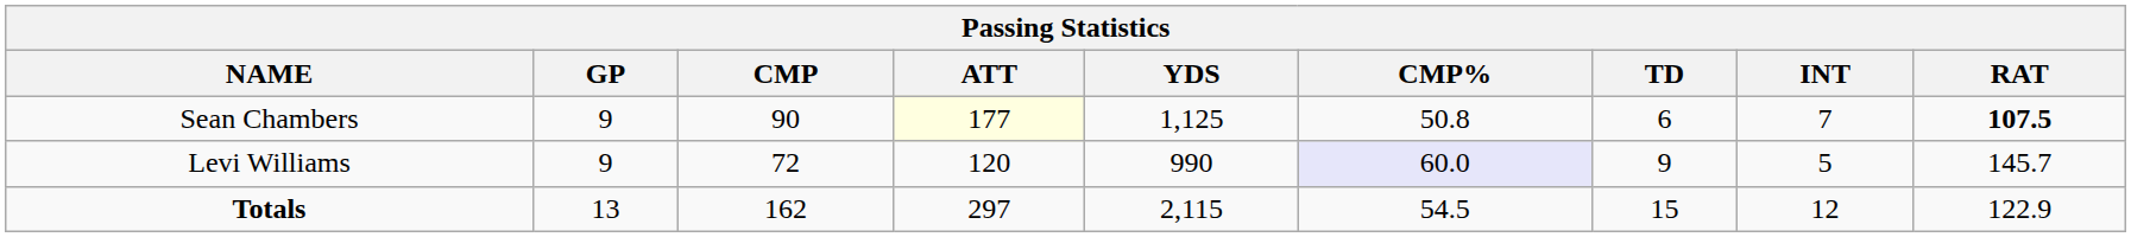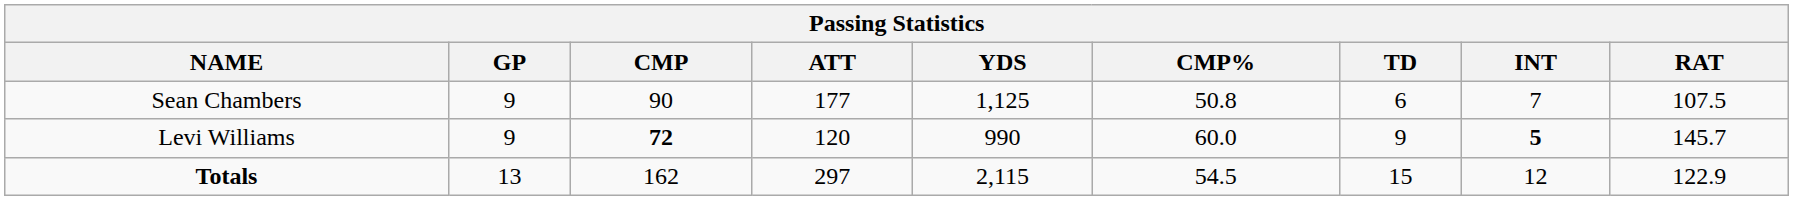 <table style="width:60%; text-align:center;" class="wikitable collapsible collapsed">
 <tr>
 <th colspan="10">Passing Statistics</th>
 </tr>
 <tr>
 <th>NAME</th>
 <th>GP</th>
 <th>CMP</th>
 <th>ATT</th>
 <th>YDS</th>
 <th>CMP%</th>
 <th>TD</th>
 <th>INT</th>
 <th>RAT</th>
 </tr>
 <tr>
 <td>Sean Chambers</td>
 <td>9</td>
 <td>90</td>
-<td style="background: lightyellow;">177</td>
+<td>177</td>
 <td>1,125</td>
 <td>50.8</td>
 <td>6</td>
 <td>7</td>
-<td><strong>107.5</strong></td>
+<td>107.5</td>
 </tr>
 <tr>
 <td>Levi Williams</td>
 <td>9</td>
-<td>72</td>
+<td><strong>72</strong></td>
 <td>120</td>
 <td>990</td>
-<td style="background: lavender;">60.0</td>
+<td>60.0</td>
 <td>9</td>
-<td>5</td>
+<td><strong>5</strong></td>
 <td>145.7</td>
 </tr>
 <tr>
 <td><strong>Totals</strong></td>
 <td>13</td>
 <td>162</td>
 <td>297</td>
 <td>2,115</td>
 <td>54.5</td>
 <td>15</td>
 <td>12</td>
 <td>122.9</td>
 </tr>
 </table>
